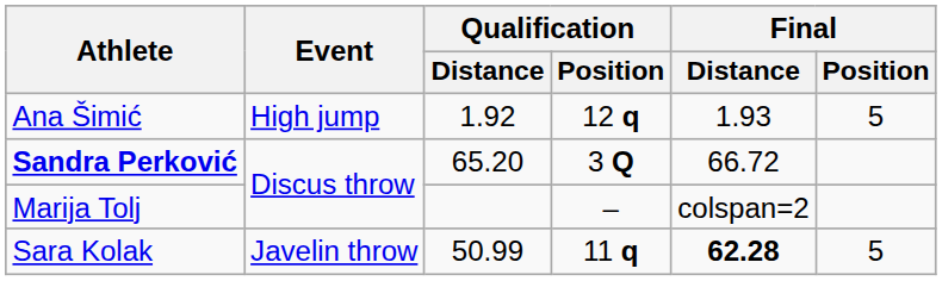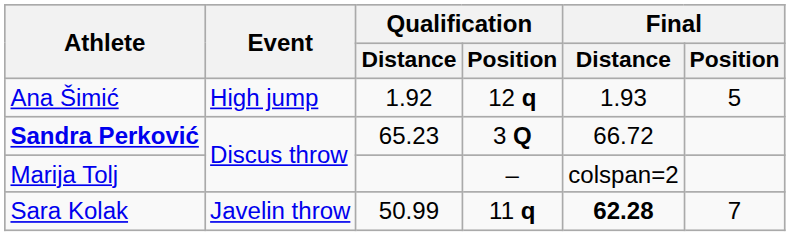 <table class=wikitable style=font-size:90%>
 <tr>
 <th rowspan=2>Athlete</th>
 <th rowspan=2>Event</th>
 <th colspan=2>Qualification</th>
 <th colspan=2>Final</th>
 </tr>
 <tr style=font-size:95%>
 <th>Distance</th>
 <th>Position</th>
 <th>Distance</th>
 <th>Position</th>
 </tr>
 <tr align=center>
 <td align=left><a href='#'>Ana Šimić</a></td>
 <td align=left><a href='#'>High jump</a></td>
 <td>1.92</td>
 <td>12 <strong>q</strong></td>
 <td>1.93</td>
 <td>5</td>
 </tr>
 <tr align=center>
 <td align=left><strong><a href='#'>Sandra Perković</a></strong></td>
 <td align=left rowspan=2><a href='#'>Discus throw</a></td>
-<td>65.20</td>
+<td>65.23</td>
 <td>3 <strong>Q</strong></td>
 <td>66.72</td>
 <td></td>
 </tr>
 <tr align=center>
 <td align=left><a href='#'>Marija Tolj</a></td>
 <td></td>
 <td>–</td>
 <td>colspan=2 </td>
 </tr>
 <tr align=center>
 <td align=left><a href='#'>Sara Kolak</a></td>
 <td align=left><a href='#'>Javelin throw</a></td>
 <td>50.99</td>
 <td>11 <strong>q</strong></td>
 <td><strong>62.28</strong></td>
-<td>5</td>
+<td>7</td>
 </tr>
 </table>
